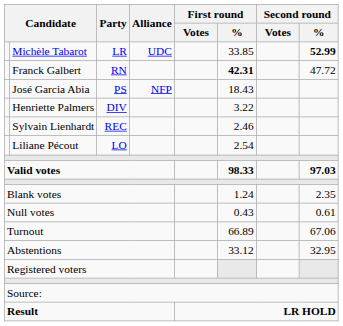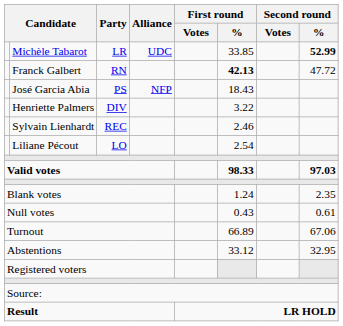 <table class="wikitable" style="text-align:right;font-size:95%;">
 <tr>
 <th colspan="2" rowspan="2">Candidate</th>
 <th colspan="1" rowspan="2">Party</th>
 <th colspan="1" rowspan="2">Alliance</th>
 <th colspan="2">First round</th>
 <th colspan="2">Second round</th>
 </tr>
 <tr>
 <th style="width:50px;">Votes</th>
 <th style="width:45px;">%</th>
 <th style="width:50px;">Votes</th>
 <th style="width:45px;">%</th>
 </tr>
 <tr>
 <td style="color:inherit;background:"></td>
 <td style="text-align:left;"><a href='#'>Michèle Tabarot</a></td>
 <td><a href='#'>LR</a></td>
 <td><a href='#'>UDC</a></td>
 <td></td>
 <td>33.85</td>
 <td><strong></strong></td>
 <td><strong>52.99</strong></td>
 </tr>
 <tr>
 <td style="color:inherit;background:"></td>
 <td style="text-align:left;">Franck Galbert</td>
 <td><a href='#'>RN</a></td>
 <td></td>
 <td><strong></strong></td>
-<td><strong>42.31</strong></td>
+<td><strong>42.13</strong></td>
 <td></td>
 <td>47.72</td>
 </tr>
 <tr>
 <td style="color:inherit;background:"></td>
 <td style="text-align:left;">José Garcia Abia</td>
 <td><a href='#'>PS</a></td>
 <td><a href='#'>NFP</a></td>
 <td></td>
 <td>18.43</td>
 <td></td>
 <td></td>
 </tr>
 <tr>
 <td style="color:inherit;background:"></td>
 <td style="text-align:left;">Henriette Palmers</td>
 <td><a href='#'>DIV</a></td>
 <td></td>
 <td></td>
 <td>3.22</td>
 <td></td>
 <td></td>
 </tr>
 <tr>
 <td style="color:inherit;background:"></td>
 <td style="text-align:left;">Sylvain Lienhardt</td>
 <td><a href='#'>REC</a></td>
 <td></td>
 <td></td>
 <td>2.46</td>
 <td></td>
 <td></td>
 </tr>
 <tr>
 <td style="color:inherit;background:"></td>
 <td style="text-align:left;">Liliane Pécout</td>
 <td><a href='#'>LO</a></td>
 <td></td>
 <td></td>
 <td>2.54</td>
 <td></td>
 <td></td>
 </tr>
 <tr>
 <td colspan="8" style="background:#E9E9E9;"></td>
 </tr>
 <tr style="font-weight:bold;">
 <td colspan="4" style="text-align:left;">Valid votes</td>
 <td></td>
 <td>98.33</td>
 <td></td>
 <td>97.03</td>
 </tr>
 <tr>
 <td colspan="8" style="background:#E9E9E9;"></td>
 </tr>
 <tr>
 <td colspan="4" style="text-align:left;">Blank votes</td>
 <td></td>
 <td>1.24</td>
 <td></td>
 <td>2.35</td>
 </tr>
 <tr>
 <td colspan="4" style="text-align:left;">Null votes</td>
 <td></td>
 <td>0.43</td>
 <td></td>
 <td>0.61</td>
 </tr>
 <tr>
 <td colspan="4" style="text-align:left;">Turnout</td>
 <td></td>
 <td>66.89</td>
 <td></td>
 <td>67.06</td>
 </tr>
 <tr>
 <td colspan="4" style="text-align:left;">Abstentions</td>
 <td></td>
 <td>33.12</td>
 <td></td>
 <td>32.95</td>
 </tr>
 <tr>
 <td colspan="4" style="text-align:left;">Registered voters</td>
 <td></td>
 <td style="background:#E9E9E9;"></td>
 <td></td>
 <td style="background:#E9E9E9;"></td>
 </tr>
 <tr>
 <td colspan="8" style="background:#E9E9E9;"></td>
 </tr>
 <tr>
 <td colspan="8" style="text-align:left;">Source: </td>
 </tr>
 <tr style="font-weight:bold">
 <td colspan="4" style="text-align:left;">Result</td>
 <td colspan="4" style="background-color:">LR HOLD</td>
 </tr>
 </table>
